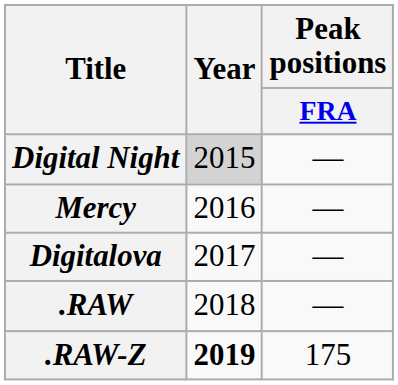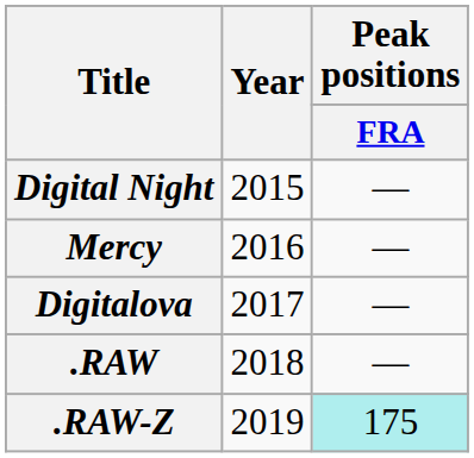 <table class="wikitable plainrowheaders" style="text-align:center">
 <tr>
 <th scope="col" rowspan="2">Title</th>
 <th scope="col" rowspan="2">Year</th>
 <th scope="col" colspan="1">Peak positions</th>
 </tr>
 <tr>
 <th scope="col" style="width:3em;font-size:90%;"><a href='#'>FRA</a><br></th>
 </tr>
 <tr>
 <th scope="row"><em>Digital Night</em></th>
-<td style="background: lightgrey;">2015</td>
+<td>2015</td>
 <td>—</td>
 </tr>
 <tr>
 <th scope="row"><em>Mercy</em></th>
 <td>2016</td>
 <td>—</td>
 </tr>
 <tr>
 <th scope="row"><em>Digitalova</em></th>
 <td>2017</td>
 <td>—</td>
 </tr>
 <tr>
 <th scope="row"><em>.RAW</em></th>
 <td>2018</td>
 <td>—</td>
 </tr>
 <tr>
 <th scope="row"><em>.RAW-Z</em></th>
-<td><strong>2019</strong></td>
-<td>175</td>
+<td>2019</td>
+<td style="background: paleturquoise;">175</td>
 </tr>
 </table>
